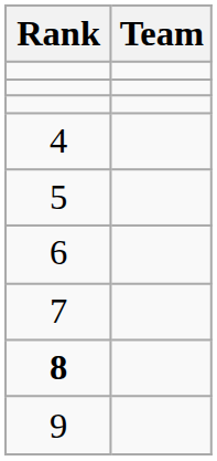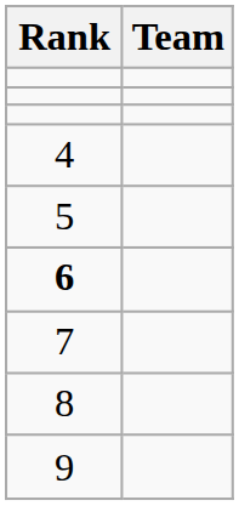 <table class="wikitable" style="text-align:center;">
 <tr>
 <th width=40>Rank</th>
 <th>Team</th>
 </tr>
 <tr>
 <td></td>
 <td style="text-align:left;"></td>
 </tr>
 <tr>
 <td></td>
 <td style="text-align:left;"></td>
 </tr>
 <tr>
 <td></td>
 <td style="text-align:left;"></td>
 </tr>
 <tr>
 <td>4</td>
 <td style="text-align:left;"></td>
 </tr>
 <tr>
 <td>5</td>
 <td style="text-align:left;"></td>
 </tr>
 <tr>
-<td>6</td>
+<td><strong>6</strong></td>
 <td style="text-align:left;"></td>
 </tr>
 <tr>
 <td>7</td>
 <td style="text-align:left;"></td>
 </tr>
 <tr>
-<td><strong>8</strong></td>
+<td>8</td>
 <td style="text-align:left;"></td>
 </tr>
 <tr>
 <td>9</td>
 <td style="text-align:left;"></td>
 </tr>
 </table>
